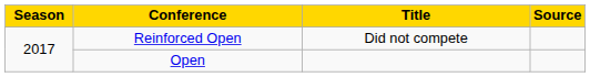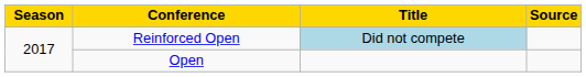 <table class="wikitable">
 <tr>
 <th width=70px style="background:#FFD700; color: Black; text-align: center"><strong>Season</strong></th>
 <th width=250px style="background:#FFD700; color: Black"><strong>Conference</strong></th>
 <th width=250px style="background:#FFD700; color: Black"><strong>Title</strong></th>
 <th width=50px style="background: #FFD700; color: Black"><strong>Source</strong></th>
 </tr>
 <tr align=center>
 <td rowspan=2>2017</td>
 <td><a href='#'>Reinforced Open</a></td>
-<td>Did not compete</td>
+<td style="background: lightblue;">Did not compete</td>
 <td></td>
 </tr>
 <tr align=center>
 <td><a href='#'>Open</a></td>
 <td></td>
 <td></td>
 </tr>
 </table>
